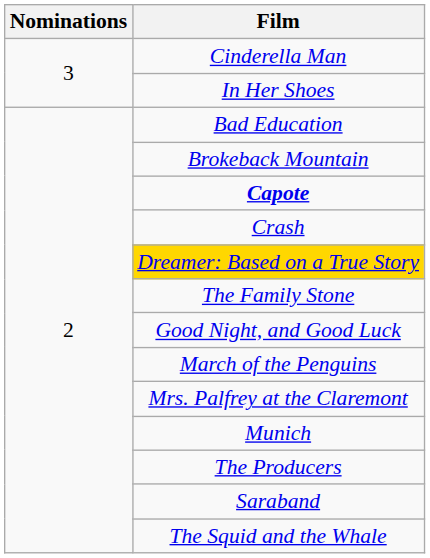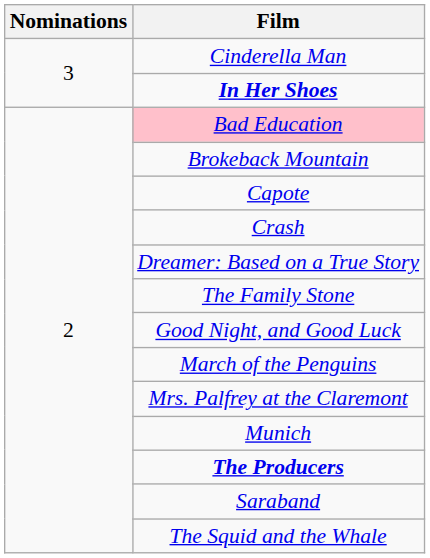 <table class="wikitable plainrowheaders" style="text-align:center;">
 <tr>
 <th scope="col" style="width:55px;">Nominations</th>
 <th scope="col" style="text-align:center;">Film</th>
 </tr>
 <tr>
 <td scope=row rowspan=2 style="text-align:center;">3</td>
 <td><em><a href='#'>Cinderella Man</a></em></td>
 </tr>
 <tr>
-<td><em><a href='#'>In Her Shoes</a></em></td>
+<td><strong><em><a href='#'>In Her Shoes</a></em></strong></td>
 </tr>
 <tr>
 <td scope=row rowspan=13 style="text-align:center;">2</td>
-<td><em><a href='#'>Bad Education</a></em></td>
+<td style="background: pink;"><em><a href='#'>Bad Education</a></em></td>
 </tr>
 <tr>
 <td><em><a href='#'>Brokeback Mountain</a></em></td>
 </tr>
 <tr>
-<td><strong><em><a href='#'>Capote</a></em></strong></td>
+<td><em><a href='#'>Capote</a></em></td>
 </tr>
 <tr>
 <td><em><a href='#'>Crash</a></em></td>
 </tr>
 <tr>
-<td style="background: gold;"><em><a href='#'>Dreamer: Based on a True Story</a></em></td>
+<td><em><a href='#'>Dreamer: Based on a True Story</a></em></td>
 </tr>
 <tr>
 <td><em><a href='#'>The Family Stone</a></em></td>
 </tr>
 <tr>
 <td><em><a href='#'>Good Night, and Good Luck</a></em></td>
 </tr>
 <tr>
 <td><em><a href='#'>March of the Penguins</a></em></td>
 </tr>
 <tr>
 <td><em><a href='#'>Mrs. Palfrey at the Claremont</a></em></td>
 </tr>
 <tr>
 <td><em><a href='#'>Munich</a></em></td>
 </tr>
 <tr>
-<td><em><a href='#'>The Producers</a></em></td>
+<td><strong><em><a href='#'>The Producers</a></em></strong></td>
 </tr>
 <tr>
 <td><em><a href='#'>Saraband</a></em></td>
 </tr>
 <tr>
 <td><em><a href='#'>The Squid and the Whale</a></em></td>
 </tr>
 </table>
